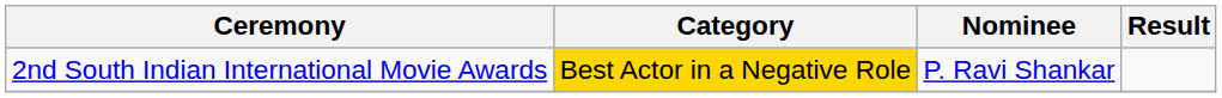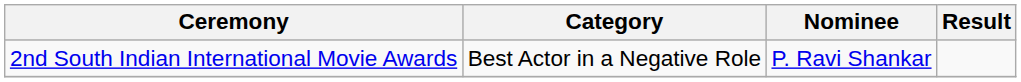 <table class="wikitable">
 <tr>
 <th>Ceremony</th>
 <th>Category</th>
 <th>Nominee</th>
 <th>Result</th>
 </tr>
 <tr>
 <td rowspan="1"><a href='#'>2nd South Indian International Movie Awards</a></td>
-<td style="background: gold;">Best Actor in a Negative Role</td>
+<td>Best Actor in a Negative Role</td>
 <td><a href='#'>P. Ravi Shankar</a></td>
 <td></td>
 </tr>
 <tr>
 </tr>
 </table>
